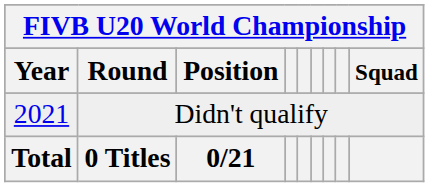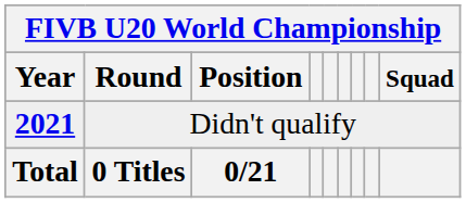 <table class="wikitable" style="text-align: center;">
 <tr>
 <th colspan=9><a href='#'>FIVB U20 World Championship</a></th>
 </tr>
 <tr>
 <th>Year</th>
 <th>Round</th>
 <th>Position</th>
 <th></th>
 <th></th>
 <th></th>
 <th></th>
 <th></th>
 <th><small>Squad</small></th>
 </tr>
 <tr bgcolor="efefef">
-<td>  <a href='#'>2021</a></td>
+<td><strong>  <a href='#'>2021</a></strong></td>
 <td colspan=9 rowspan=1>Didn't qualify</td>
 </tr>
 <tr>
 <th>Total</th>
 <th>0 Titles</th>
 <th>0/21</th>
 <th></th>
 <th></th>
 <th></th>
 <th></th>
 <th></th>
 <th></th>
 </tr>
 </table>
